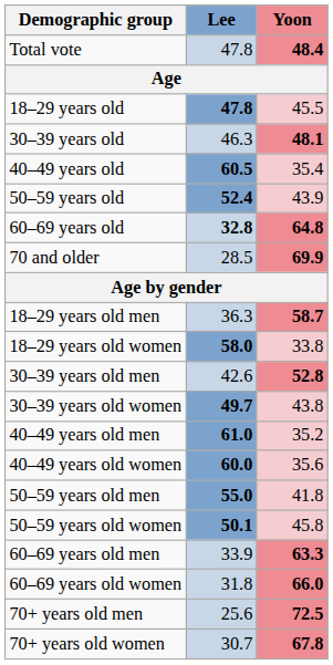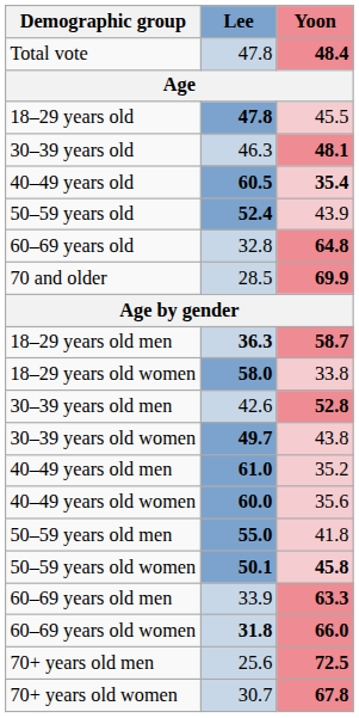 <table class="wikitable sortable" style="font-size:90%">
 <tr>
 <th>Demographic group</th>
 <th style="background-color: rgba(0, 78, 162, 0.5); width: 50px;">Lee</th>
 <th style="background-color: rgba(230, 30, 43, 0.5); width: 50px;">Yoon</th>
 </tr>
 <tr>
 <td>Total vote</td>
 <td style="text-align: right; background-color: rgba(0, 78, 162, 0.2);">47.8</td>
 <td style="text-align: right; background-color: rgba(230, 30, 43, 0.5);"><strong>48.4</strong></td>
 </tr>
 <tr>
 <th colspan="3">Age</th>
 </tr>
 <tr>
 <td>18–29 years old</td>
 <td style="text-align: right; background-color: rgba(0, 78, 162, 0.5);"><strong>47.8</strong></td>
 <td style="text-align: right; background-color: rgba(230, 30, 43, 0.2);">45.5</td>
 </tr>
 <tr>
 <td>30–39 years old</td>
 <td style="text-align: right; background-color: rgba(0, 78, 162, 0.2);">46.3</td>
 <td style="text-align: right; background-color: rgba(230, 30, 43, 0.5);"><strong>48.1</strong></td>
 </tr>
 <tr>
 <td>40–49 years old</td>
 <td style="text-align: right; background-color: rgba(0, 78, 162, 0.5);"><strong>60.5</strong></td>
-<td style="text-align: right; background-color: rgba(230, 30, 43, 0.2);">35.4</td>
+<td style="text-align: right; background-color: rgba(230, 30, 43, 0.2);"><strong>35.4</strong></td>
 </tr>
 <tr>
 <td>50–59 years old</td>
 <td style="text-align: right; background-color: rgba(0, 78, 162, 0.5);"><strong>52.4</strong></td>
 <td style="text-align: right; background-color: rgba(230, 30, 43, 0.2);">43.9</td>
 </tr>
 <tr>
 <td>60–69 years old</td>
-<td style="text-align: right; background-color: rgba(0, 78, 162, 0.2);"><strong>32.8</strong></td>
+<td style="text-align: right; background-color: rgba(0, 78, 162, 0.2);">32.8</td>
 <td style="text-align: right; background-color: rgba(230, 30, 43, 0.5);"><strong>64.8</strong></td>
 </tr>
 <tr>
 <td>70 and older</td>
 <td style="text-align: right; background-color: rgba(0, 78, 162, 0.2);">28.5</td>
 <td style="text-align: right; background-color: rgba(230, 30, 43, 0.5);"><strong>69.9</strong></td>
 </tr>
 <tr>
 <th colspan="3">Age by gender</th>
 </tr>
 <tr>
 <td>18–29 years old men</td>
-<td style="text-align:right; background-color: rgba(0, 78, 162, 0.2);">36.3</td>
+<td style="text-align:right; background-color: rgba(0, 78, 162, 0.2);"><strong>36.3</strong></td>
 <td style="text-align:right; background-color: rgba(230, 30, 43, 0.5);"><strong>58.7</strong></td>
 </tr>
 <tr>
 <td>18–29 years old women</td>
 <td style="text-align: right; background-color: rgba(0, 78, 162, 0.5);"><strong>58.0</strong></td>
 <td style="text-align: right; background-color: rgba(230, 30, 43, 0.2);">33.8</td>
 </tr>
 <tr>
 <td>30–39 years old men</td>
 <td style="text-align: right; background-color: rgba(0, 78, 162, 0.2);">42.6</td>
 <td style="text-align: right; background-color: rgba(230, 30, 43, 0.5);"><strong>52.8</strong></td>
 </tr>
 <tr>
 <td>30–39 years old women</td>
 <td style="text-align: right; background-color: rgba(0, 78, 162, 0.5);"><strong>49.7</strong></td>
 <td style="text-align: right; background-color: rgba(230, 30, 43, 0.2);">43.8</td>
 </tr>
 <tr>
 <td>40–49 years old men</td>
 <td style="text-align: right; background-color: rgba(0, 78, 162, 0.5);"><strong>61.0</strong></td>
 <td style="text-align: right; background-color: rgba(230, 30, 43, 0.2);">35.2</td>
 </tr>
 <tr>
 <td>40–49 years old women</td>
 <td style="text-align: right; background-color: rgba(0, 78, 162, 0.5);"><strong>60.0</strong></td>
 <td style="text-align: right; background-color: rgba(230, 30, 43, 0.2);">35.6</td>
 </tr>
 <tr>
 <td>50–59 years old men</td>
 <td style="text-align: right; background-color: rgba(0, 78, 162, 0.5);"><strong>55.0</strong></td>
 <td style="text-align: right; background-color: rgba(230, 30, 43, 0.2);">41.8</td>
 </tr>
 <tr>
 <td>50–59 years old women</td>
 <td style="text-align: right; background-color: rgba(0, 78, 162, 0.5);"><strong>50.1</strong></td>
-<td style="text-align: right; background-color: rgba(230, 30, 43, 0.2);">45.8</td>
+<td style="text-align: right; background-color: rgba(230, 30, 43, 0.2);"><strong>45.8</strong></td>
 </tr>
 <tr>
 <td>60–69 years old men</td>
 <td style="text-align: right; background-color: rgba(0, 78, 162, 0.2);">33.9</td>
 <td style="text-align: right; background-color: rgba(230, 30, 43, 0.5);"><strong>63.3</strong></td>
 </tr>
 <tr>
 <td>60–69 years old women</td>
-<td style="text-align: right; background-color: rgba(0, 78, 162, 0.2);">31.8</td>
+<td style="text-align: right; background-color: rgba(0, 78, 162, 0.2);"><strong>31.8</strong></td>
 <td style="text-align: right; background-color: rgba(230, 30, 43, 0.5);"><strong>66.0</strong></td>
 </tr>
 <tr>
 <td>70+ years old men</td>
 <td style="text-align: right; background-color: rgba(0, 78, 162, 0.2);">25.6</td>
 <td style="text-align: right; background-color: rgba(230, 30, 43, 0.5);"><strong>72.5</strong></td>
 </tr>
 <tr>
 <td>70+ years old women</td>
 <td style="text-align: right; background-color: rgba(0, 78, 162, 0.2);">30.7</td>
 <td style="text-align: right; background-color: rgba(230, 30, 43, 0.5);"><strong>67.8</strong></td>
 </tr>
 </table>
